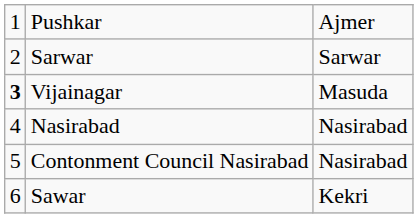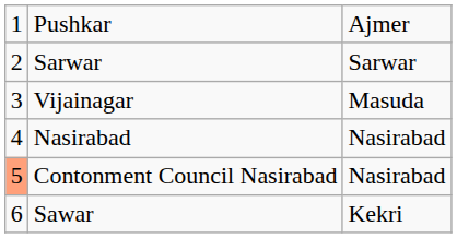 <table class="wikitable">
 <tr>
 <td>1</td>
 <td>Pushkar</td>
 <td>Ajmer</td>
 </tr>
 <tr>
 <td>2</td>
 <td>Sarwar</td>
 <td>Sarwar</td>
 </tr>
 <tr>
-<td><strong>3</strong></td>
+<td>3</td>
 <td>Vijainagar</td>
 <td>Masuda</td>
 </tr>
 <tr>
 <td>4</td>
 <td>Nasirabad</td>
 <td>Nasirabad</td>
 </tr>
 <tr>
-<td>5</td>
+<td style="background: lightsalmon;">5</td>
 <td>Contonment Council Nasirabad</td>
 <td>Nasirabad</td>
 </tr>
 <tr>
 <td>6</td>
 <td>Sawar</td>
 <td>Kekri</td>
 </tr>
 </table>
